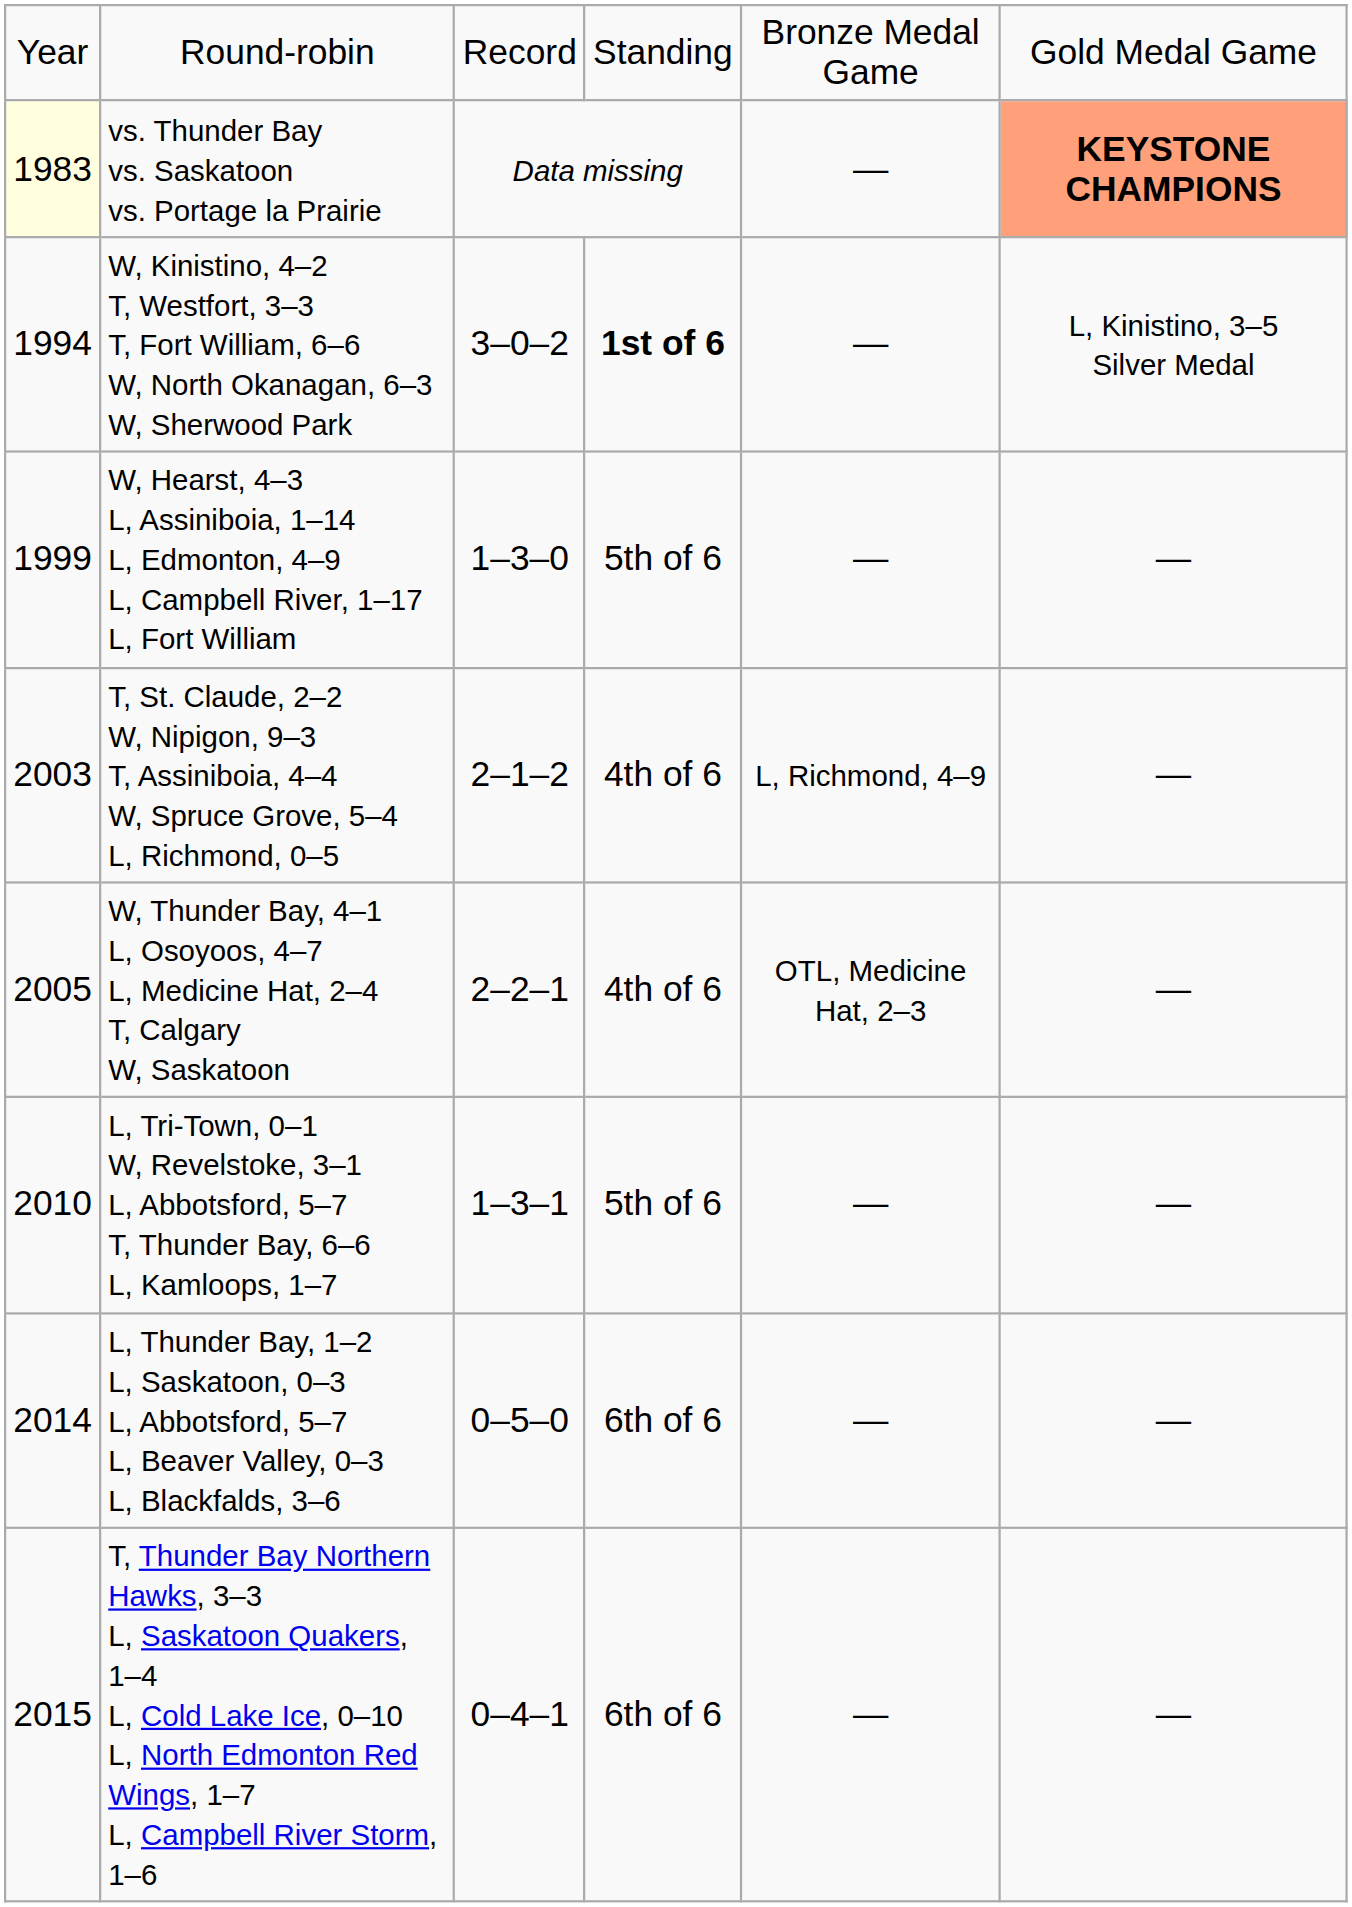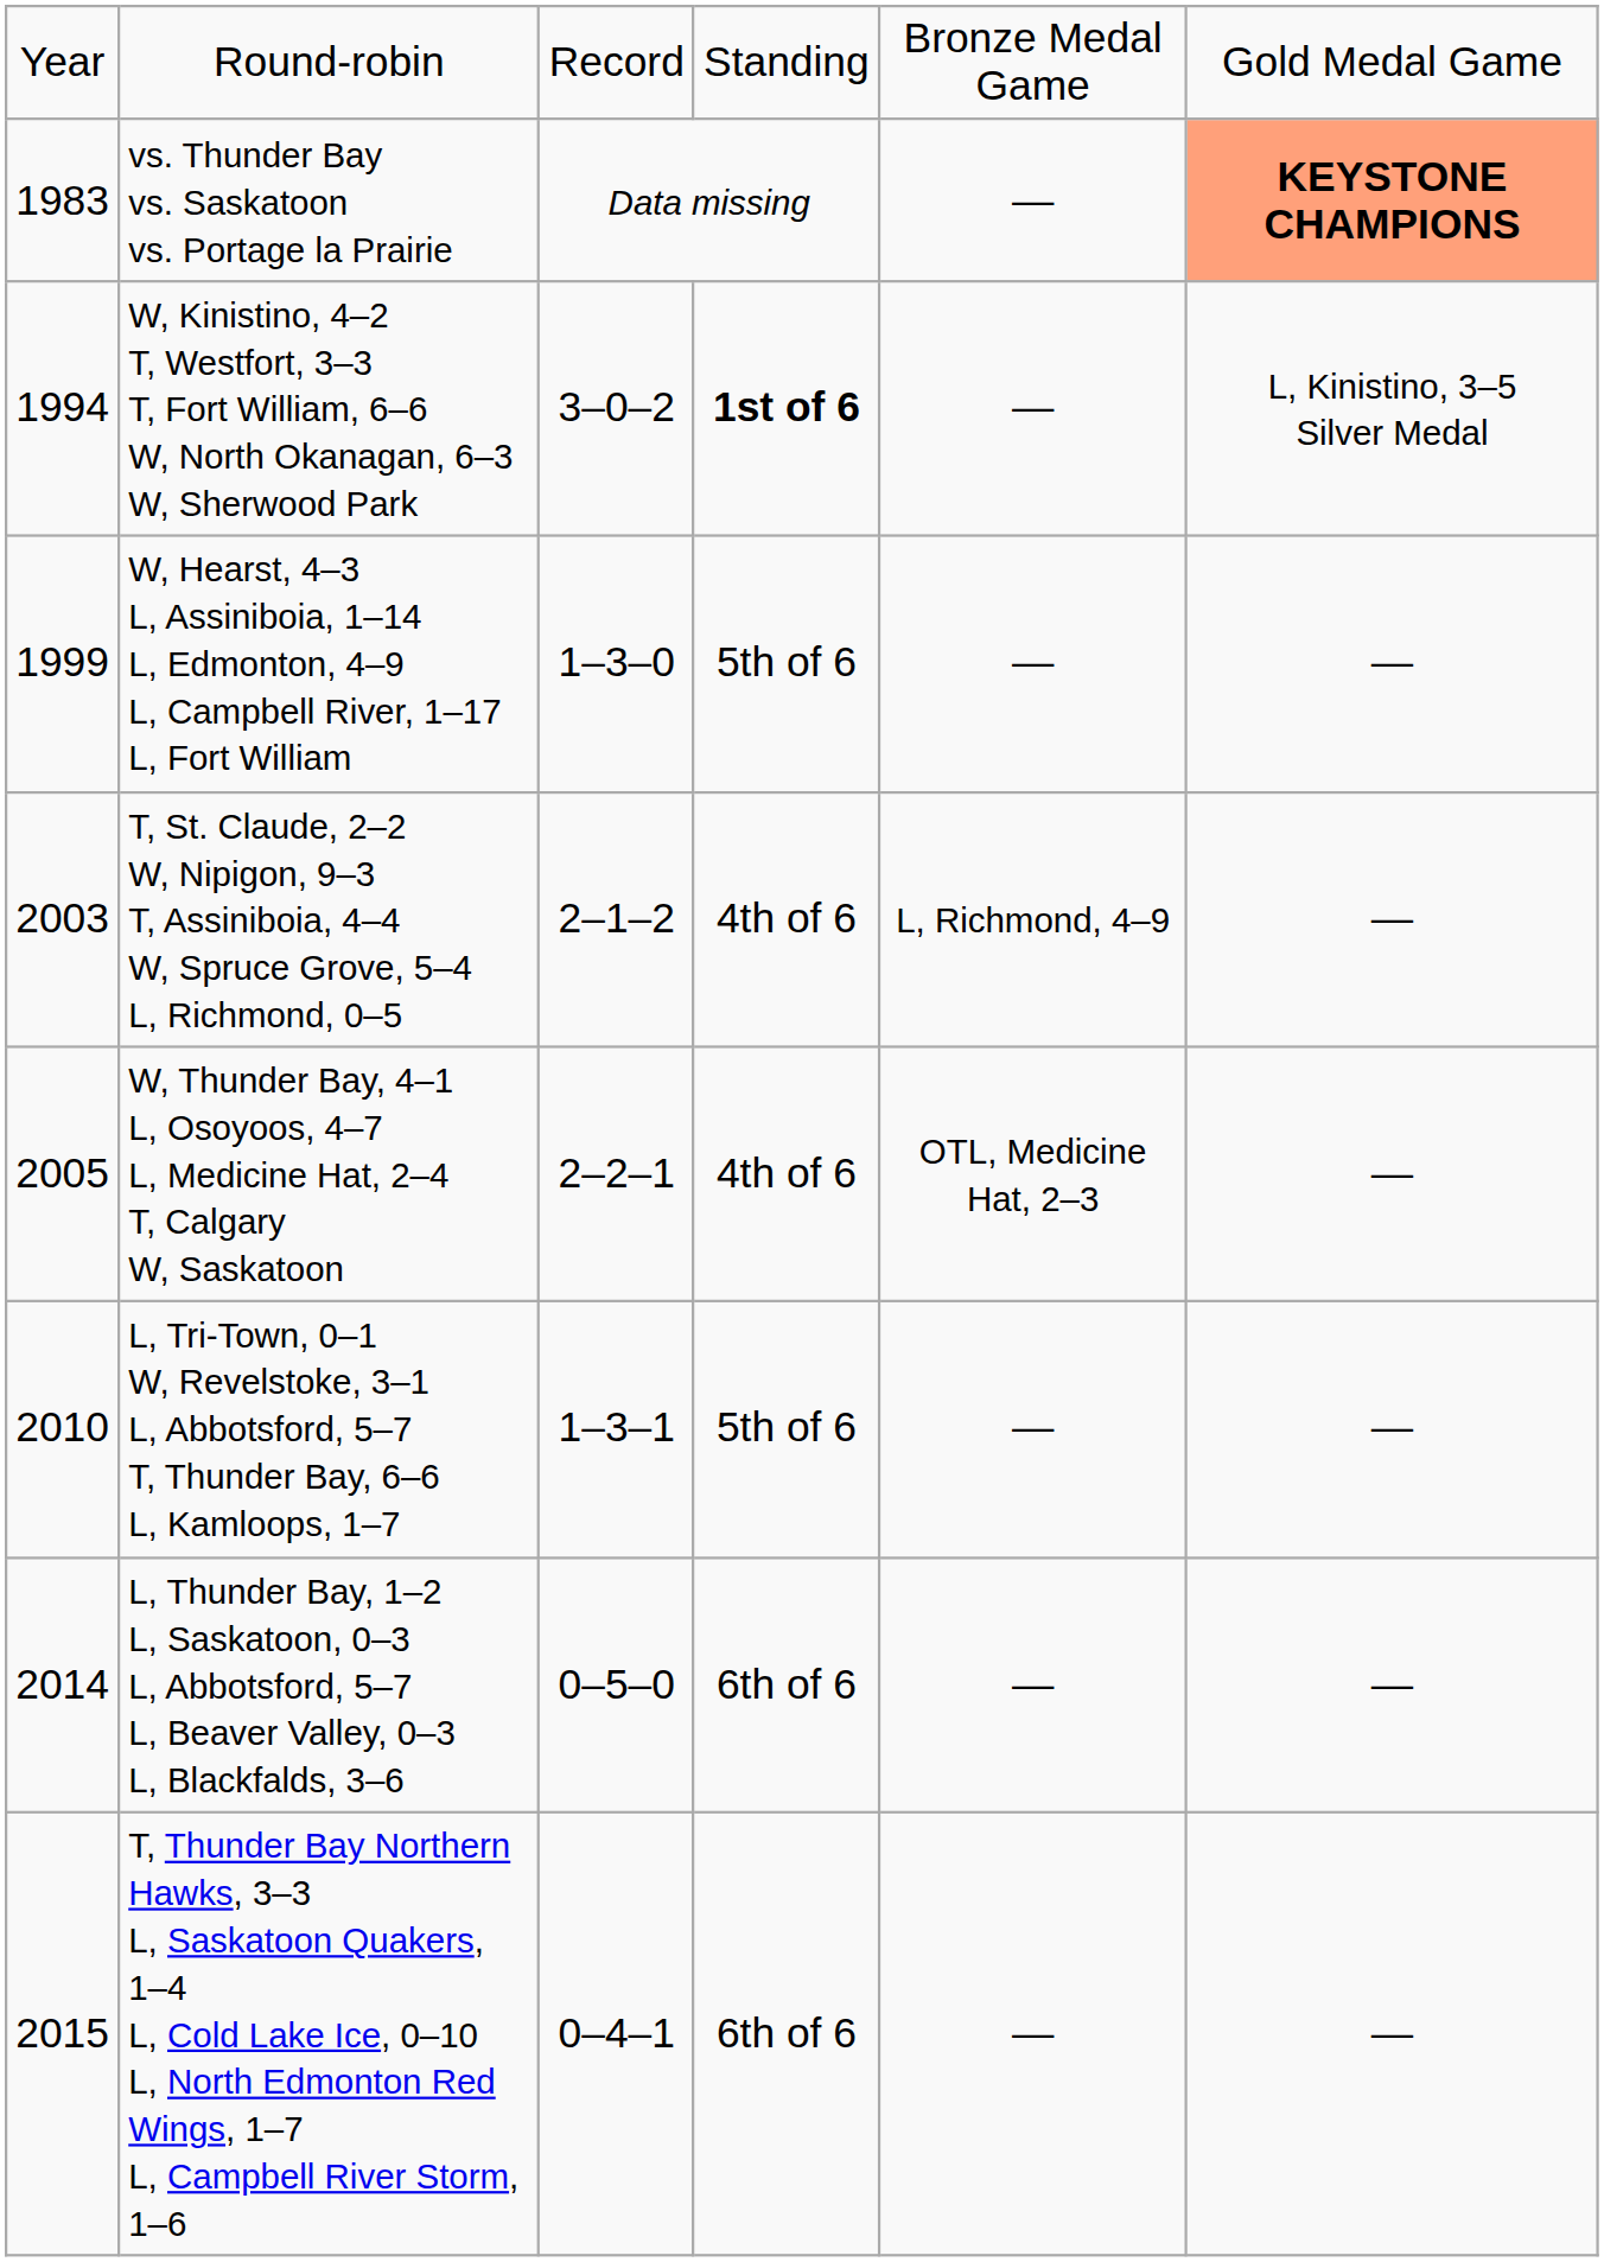 <table class="wikitable" style="text-align:center">
 <tr>
 <td>Year</td>
 <td>Round-robin</td>
 <td>Record</td>
 <td>Standing</td>
 <td>Bronze Medal Game</td>
 <td>Gold Medal Game</td>
 </tr>
 <tr>
-<td style="background: lightyellow;">1983</td>
+<td>1983</td>
 <td align=left><small>vs. Thunder Bay<br>vs. Saskatoon<br>vs. Portage la Prairie</small></td>
 <td colspan=2><small><em>Data missing</em></small></td>
 <td>—</td>
 <td style="background: lightsalmon;"><strong>KEYSTONE CHAMPIONS</strong></td>
 </tr>
 <tr>
 <td>1994</td>
 <td align=left><small>W, Kinistino, 4–2<br>T, Westfort, 3–3<br>T, Fort William, 6–6<br>W, North Okanagan, 6–3<br>W, Sherwood Park</small></td>
 <td>3–0–2</td>
 <td><strong>1st of 6</strong></td>
 <td>—</td>
 <td><small>L, Kinistino, 3–5<br> Silver Medal</small></td>
 </tr>
 <tr>
 <td>1999</td>
 <td align=left><small>W, Hearst, 4–3<br>L, Assiniboia, 1–14<br>L, Edmonton, 4–9<br>L, Campbell River, 1–17<br>L, Fort William</small></td>
 <td>1–3–0</td>
 <td>5th of 6</td>
 <td>—</td>
 <td>—</td>
 </tr>
 <tr>
 <td>2003</td>
 <td align=left><small>T, St. Claude, 2–2<br>W, Nipigon, 9–3<br>T, Assiniboia, 4–4<br>W, Spruce Grove, 5–4<br>L, Richmond, 0–5</small></td>
 <td>2–1–2</td>
 <td>4th of 6</td>
 <td><small>L, Richmond, 4–9</small></td>
 <td>—</td>
 </tr>
 <tr>
 <td>2005</td>
 <td align=left><small>W, Thunder Bay, 4–1<br>L, Osoyoos, 4–7<br>L, Medicine Hat, 2–4<br>T, Calgary<br>W, Saskatoon</small></td>
 <td>2–2–1</td>
 <td>4th of 6</td>
 <td><small>OTL, Medicine Hat, 2–3</small></td>
 <td>—</td>
 </tr>
 <tr>
 <td>2010</td>
 <td align=left><small>L, Tri-Town, 0–1<br>W, Revelstoke, 3–1<br>L, Abbotsford, 5–7<br>T, Thunder Bay, 6–6<br>L, Kamloops, 1–7</small></td>
 <td>1–3–1</td>
 <td>5th of 6</td>
 <td>—</td>
 <td>—</td>
 </tr>
 <tr>
 <td>2014</td>
 <td align=left><small>L, Thunder Bay, 1–2<br>L, Saskatoon, 0–3<br>L, Abbotsford, 5–7<br>L, Beaver Valley, 0–3<br>L, Blackfalds, 3–6<br></small></td>
 <td>0–5–0</td>
 <td>6th of 6</td>
 <td>—</td>
 <td>—</td>
 </tr>
 <tr>
 <td>2015</td>
 <td align=left><small>T, <a href='#'>Thunder Bay Northern Hawks</a>, 3–3<br>L, <a href='#'>Saskatoon Quakers</a>, 1–4<br>L, <a href='#'>Cold Lake Ice</a>, 0–10<br>L, <a href='#'>North Edmonton Red Wings</a>, 1–7<br>L, <a href='#'>Campbell River Storm</a>, 1–6</small></td>
 <td>0–4–1</td>
 <td>6th of 6</td>
 <td>—</td>
 <td>—</td>
 </tr>
 </table>
